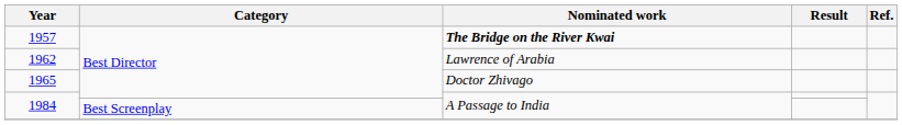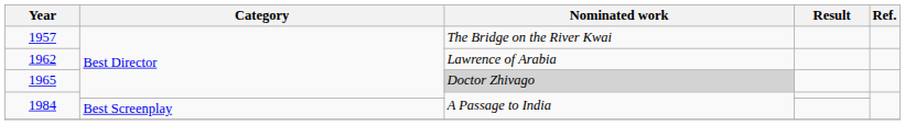 <table class=wikitable>
 <tr>
 <th scope="col" style="width:5em;">Year</th>
 <th scope="col" style="width:26em;">Category</th>
 <th scope="col" style="width:25em;">Nominated work</th>
 <th scope="col" style="width:5em;">Result</th>
 <th>Ref.</th>
 </tr>
 <tr>
 <td style="text-align:center;"><a href='#'>1957</a></td>
 <td rowspan=4><a href='#'>Best Director</a></td>
-<td><strong><em>The Bridge on the River Kwai</em></strong></td>
+<td><em>The Bridge on the River Kwai</em></td>
 <td></td>
 <td></td>
 </tr>
 <tr>
 <td style="text-align:center;"><a href='#'>1962</a></td>
 <td><em>Lawrence of Arabia</em></td>
 <td></td>
 <td></td>
 </tr>
 <tr>
 <td style="text-align:center;"><a href='#'>1965</a></td>
-<td><em>Doctor Zhivago</em></td>
+<td style="background: lightgrey;"><em>Doctor Zhivago</em></td>
 <td></td>
 <td></td>
 </tr>
 <tr>
 <td style="text-align:center;", rowspan=2><a href='#'>1984</a></td>
 <td rowspan=2><em>A Passage to India</em></td>
 <td></td>
 <td rowspan=2></td>
 </tr>
 <tr>
 <td><a href='#'>Best Screenplay</a></td>
 <td></td>
 </tr>
 <tr>
 </tr>
 </table>
